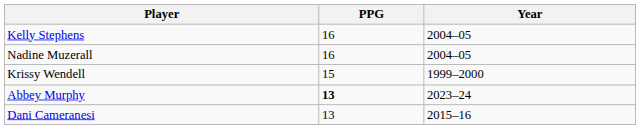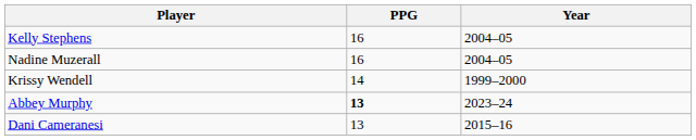 <table class="wikitable" style="width: 50em">
 <tr>
 <th>Player</th>
 <th>PPG</th>
 <th>Year</th>
 </tr>
 <tr>
 <td><a href='#'>Kelly Stephens</a></td>
 <td>16</td>
 <td>2004–05</td>
 </tr>
 <tr>
 <td>Nadine Muzerall</td>
 <td>16</td>
 <td>2004–05</td>
 </tr>
 <tr>
 <td>Krissy Wendell</td>
-<td>15</td>
+<td>14</td>
 <td>1999–2000</td>
 </tr>
 <tr>
 <td><a href='#'>Abbey Murphy</a></td>
 <td><strong>13</strong></td>
 <td>2023–24</td>
 </tr>
 <tr>
 <td><a href='#'>Dani Cameranesi</a></td>
 <td>13</td>
 <td>2015–16</td>
 </tr>
 </table>
